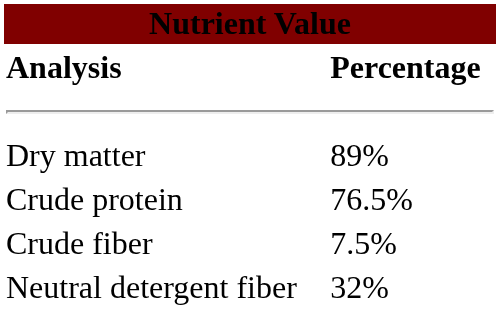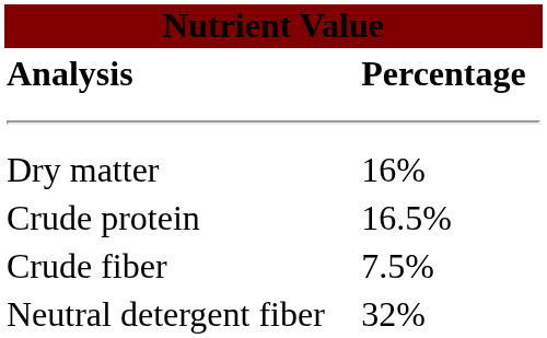 <table class="toccolours" style="fixed: right; margin-left: 1em;" width="250px">
 <tr>
 <th colspan="3" style="text-align: center; background:maroon"><span><strong>Nutrient Value</strong></span></th>
 </tr>
 <tr>
 <td><strong>Analysis</strong></td>
 <td><strong>Percentage</strong></td>
 </tr>
 <tr>
 <td colspan="2"><hr></td>
 </tr>
 <tr>
 <td>Dry matter</td>
-<td>89%</td>
+<td>16%</td>
 </tr>
 <tr>
 <td>Crude protein</td>
-<td>76.5%</td>
+<td>16.5%</td>
 </tr>
 <tr>
 <td>Crude fiber</td>
 <td>7.5%</td>
 </tr>
 <tr>
 <td>Neutral detergent fiber</td>
 <td>32%</td>
 </tr>
 </table>
